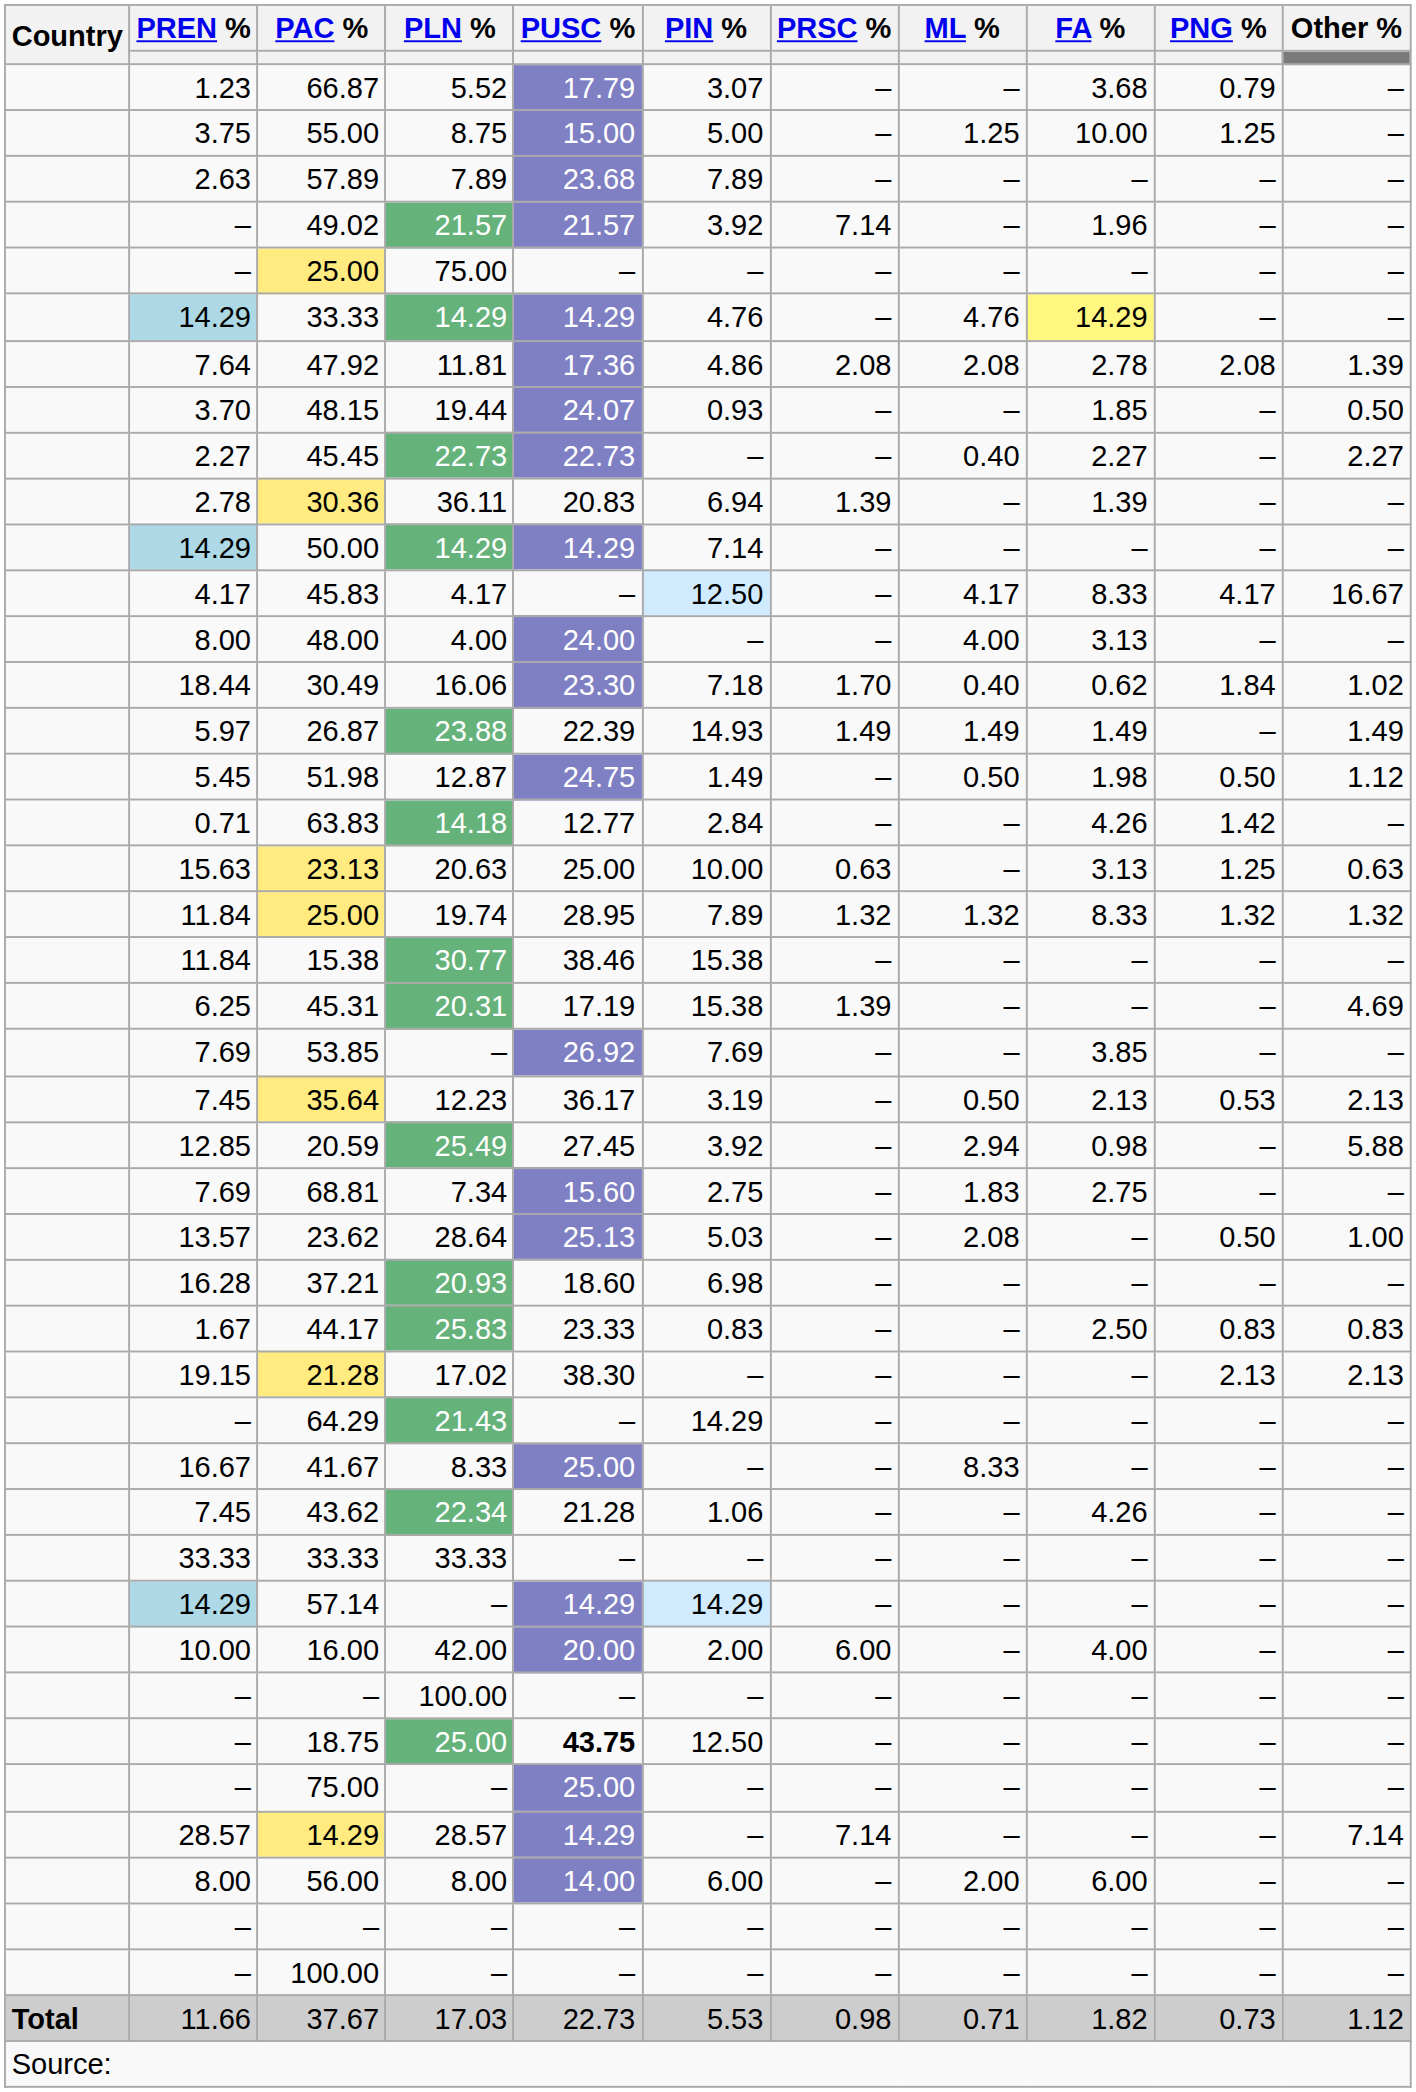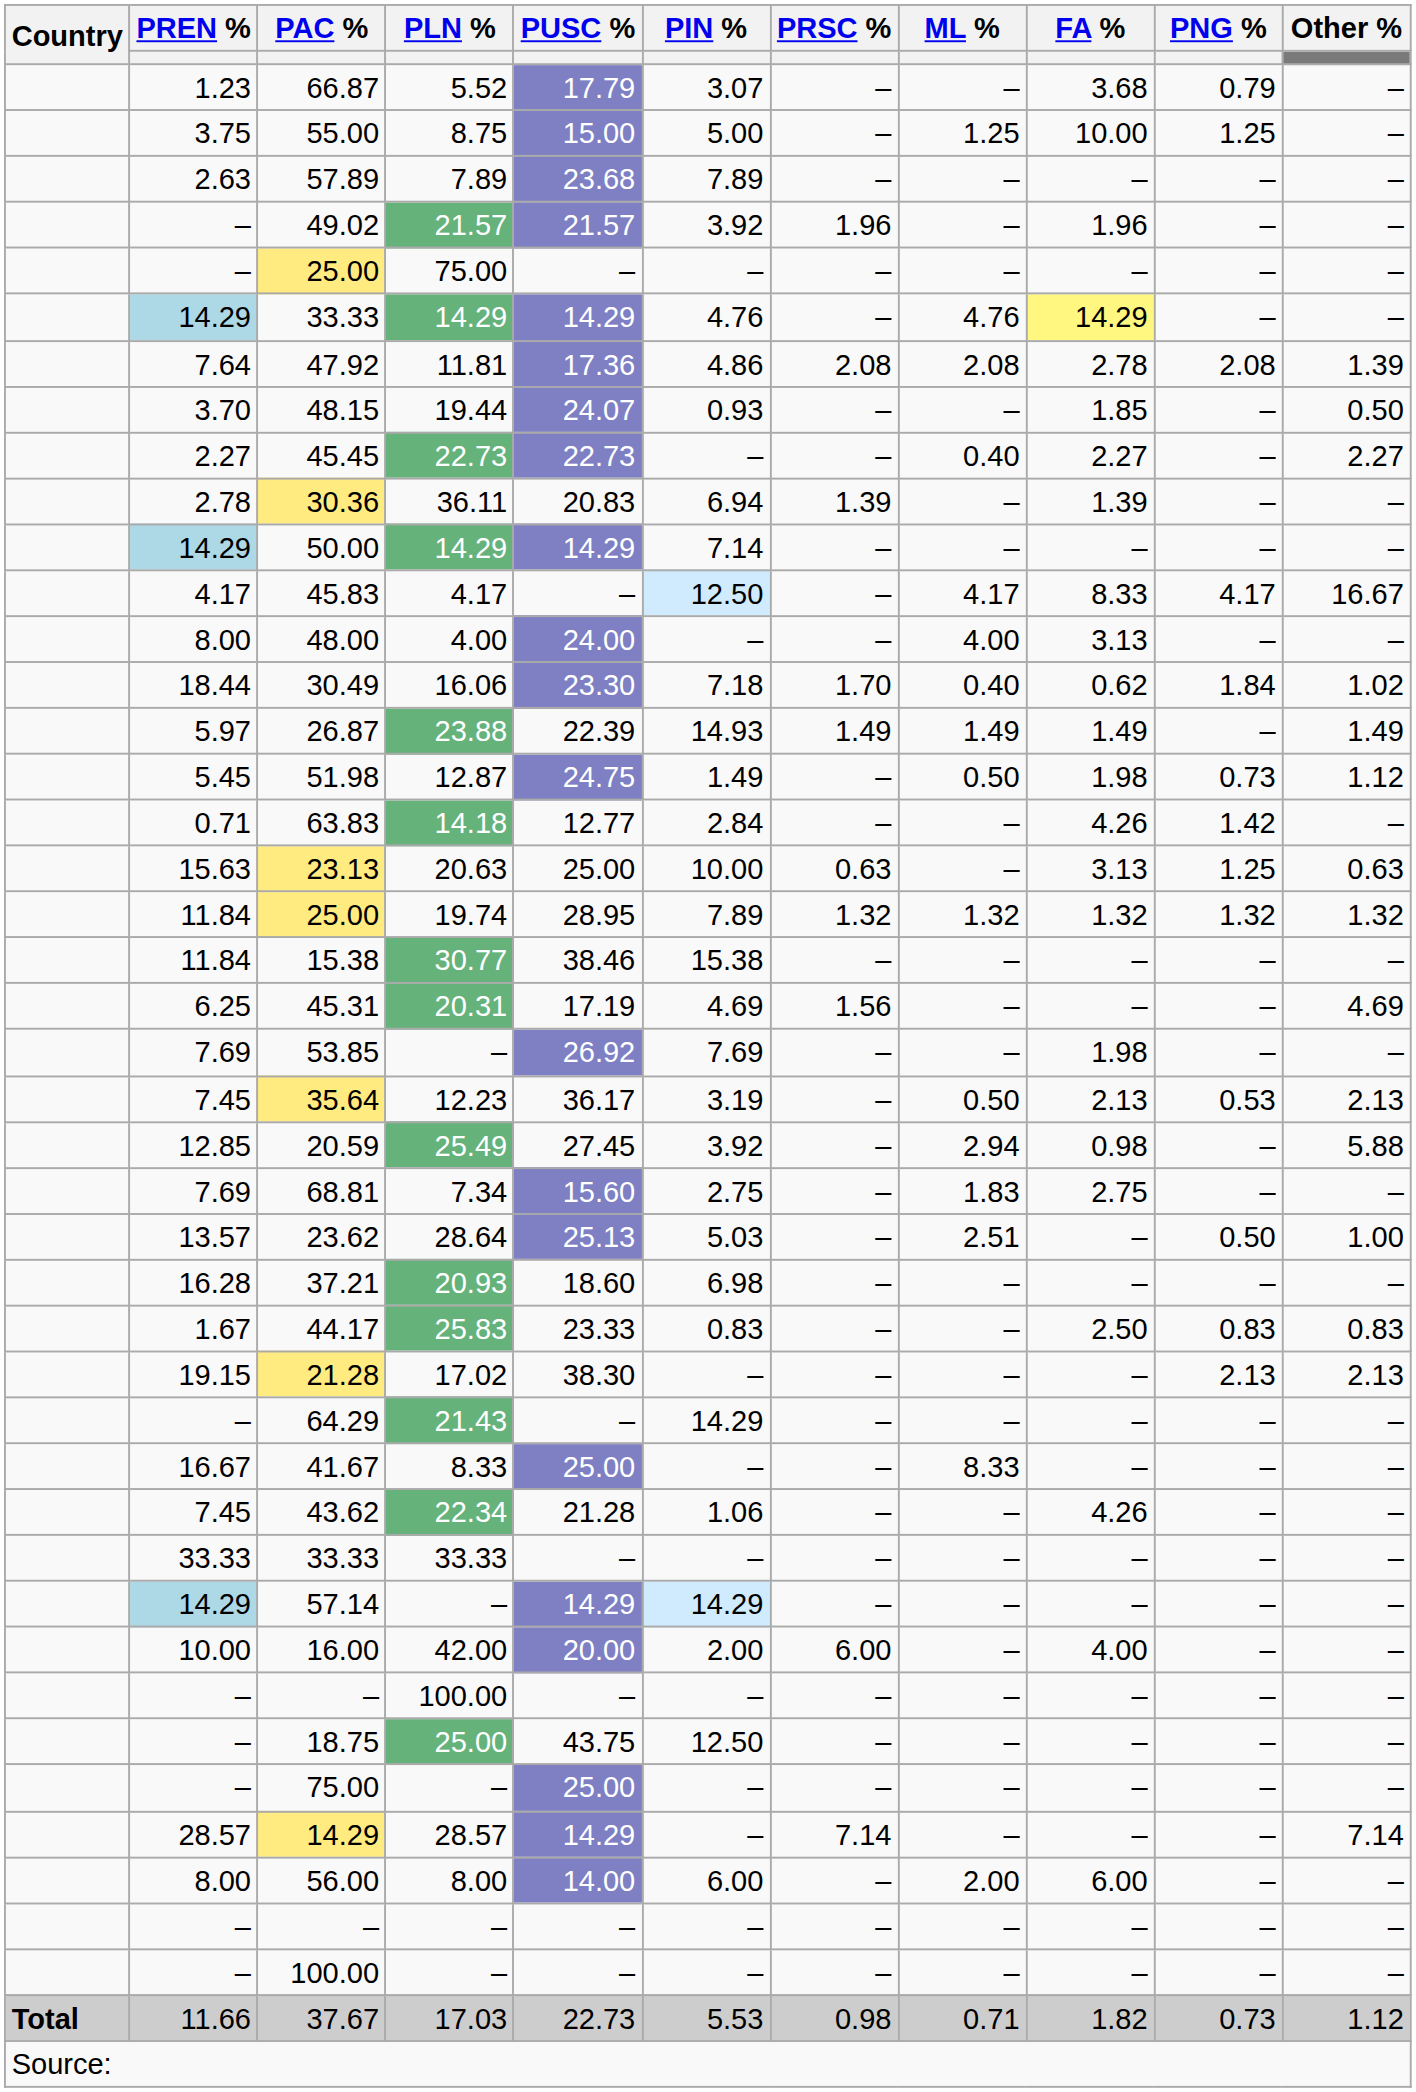 <table class="wikitable sortable" style="text-align:right; font-size:95%">
 <tr>
 <th rowspan=2>Country</th>
 <th width=60px><a href='#'>PREN</a> %</th>
 <th width=60px><a href='#'>PAC</a> %</th>
 <th width=60px><a href='#'>PLN</a> %</th>
 <th width=60px><a href='#'>PUSC</a> %</th>
 <th width=60px><a href='#'>PIN</a> %</th>
 <th width=60px><a href='#'>PRSC</a> %</th>
 <th width=60px><a href='#'>ML</a> %</th>
 <th width=60px><a href='#'>FA</a> %</th>
 <th width=60px><a href='#'>PNG</a> %</th>
 <th width=60px>Other %</th>
 </tr>
 <tr>
 <th style="background:"></th>
 <th style="background:"></th>
 <th style="background:"></th>
 <th style="background:"></th>
 <th style="background:"></th>
 <th style="background:"></th>
 <th style="background:"></th>
 <th style="background:"></th>
 <th style="background:"></th>
 <th style="background:#7a7a7a"></th>
 </tr>
 <tr>
 <td align="left"></td>
 <td>1.23</td>
 <td style="background:">66.87</td>
 <td>5.52</td>
 <td style="background:#7F7FC3; color:white;">17.79</td>
 <td>3.07</td>
 <td>–</td>
 <td>–</td>
 <td>3.68</td>
 <td>0.79</td>
 <td>–</td>
 </tr>
 <tr>
 <td align="left"></td>
 <td>3.75</td>
 <td style="background:">55.00</td>
 <td>8.75</td>
 <td style="background:#7F7FC3; color:white;">15.00</td>
 <td>5.00</td>
 <td>–</td>
 <td>1.25</td>
 <td>10.00</td>
 <td>1.25</td>
 <td>–</td>
 </tr>
 <tr>
 <td align="left"></td>
 <td>2.63</td>
 <td style="background:">57.89</td>
 <td>7.89</td>
 <td style="background:#7F7FC3; color:white;">23.68</td>
 <td>7.89</td>
 <td>–</td>
 <td>–</td>
 <td>–</td>
 <td>–</td>
 <td>–</td>
 </tr>
 <tr>
 <td align="left"></td>
 <td>–</td>
 <td style="background:">49.02</td>
 <td style="background:#66B27B; color:white;">21.57</td>
 <td style="background:#7F7FC3; color:white;">21.57</td>
 <td>3.92</td>
-<td>7.14</td>
+<td>1.96</td>
 <td>–</td>
 <td>1.96</td>
 <td>–</td>
 <td>–</td>
 </tr>
 <tr>
 <td align="left"></td>
 <td>–</td>
 <td style="background:#FFEB7F; color:black;">25.00</td>
 <td style="background:">75.00</td>
 <td>–</td>
 <td>–</td>
 <td>–</td>
 <td>–</td>
 <td>–</td>
 <td>–</td>
 <td>–</td>
 </tr>
 <tr>
 <td align="left"></td>
 <td style="background:#ADD8E6; color:black;">14.29</td>
 <td style="background:">33.33</td>
 <td style="background:#66B27B; color:white;">14.29</td>
 <td style="background:#7F7FC3; color:white;">14.29</td>
 <td>4.76</td>
 <td>–</td>
 <td>4.76</td>
 <td style="background:#FFF77F; color:black;">14.29</td>
 <td>–</td>
 <td>–</td>
 </tr>
 <tr>
 <td align="left"></td>
 <td>7.64</td>
 <td style="background:">47.92</td>
 <td>11.81</td>
 <td style="background:#7F7FC3; color:white;">17.36</td>
 <td>4.86</td>
 <td>2.08</td>
 <td>2.08</td>
 <td>2.78</td>
 <td>2.08</td>
 <td>1.39</td>
 </tr>
 <tr>
 <td align="left"></td>
 <td>3.70</td>
 <td style="background:">48.15</td>
 <td>19.44</td>
 <td style="background:#7F7FC3; color:white;">24.07</td>
 <td>0.93</td>
 <td>–</td>
 <td>–</td>
 <td>1.85</td>
 <td>–</td>
 <td>0.50</td>
 </tr>
 <tr>
 <td align="left"></td>
 <td>2.27</td>
 <td style="background:">45.45</td>
 <td style="background:#66B27B; color:white;">22.73</td>
 <td style="background:#7F7FC3; color:white;">22.73</td>
 <td>–</td>
 <td>–</td>
 <td>0.40</td>
 <td>2.27</td>
 <td>–</td>
 <td>2.27</td>
 </tr>
 <tr>
 <td align="left"></td>
 <td>2.78</td>
 <td style="background:#FFEB7F; color:black;">30.36</td>
 <td style="background:">36.11</td>
 <td>20.83</td>
 <td>6.94</td>
 <td>1.39</td>
 <td>–</td>
 <td>1.39</td>
 <td>–</td>
 <td>–</td>
 </tr>
 <tr>
 <td align="left"></td>
 <td style="background:#ADD8E6; color:black;">14.29</td>
 <td style="background:">50.00</td>
 <td style="background:#66B27B; color:white;">14.29</td>
 <td style="background:#7F7FC3; color:white;">14.29</td>
 <td>7.14</td>
 <td>–</td>
 <td>–</td>
 <td>–</td>
 <td>–</td>
 <td>–</td>
 </tr>
 <tr>
 <td align="left"></td>
 <td>4.17</td>
 <td style="background:">45.83</td>
 <td>4.17</td>
 <td>–</td>
 <td style="background:#cfebfd; color:black;">12.50</td>
 <td>–</td>
 <td>4.17</td>
 <td>8.33</td>
 <td>4.17</td>
 <td>16.67</td>
 </tr>
 <tr>
 <td align="left"></td>
 <td>8.00</td>
 <td style="background:">48.00</td>
 <td>4.00</td>
 <td style="background:#7F7FC3; color:white;">24.00</td>
 <td>–</td>
 <td>–</td>
 <td>4.00</td>
 <td>3.13</td>
 <td>–</td>
 <td>–</td>
 </tr>
 <tr>
 <td align="left"></td>
 <td>18.44</td>
 <td style="background:">30.49</td>
 <td>16.06</td>
 <td style="background:#7F7FC3; color:white;">23.30</td>
 <td>7.18</td>
 <td>1.70</td>
 <td>0.40</td>
 <td>0.62</td>
 <td>1.84</td>
 <td>1.02</td>
 </tr>
 <tr>
 <td align="left"></td>
 <td>5.97</td>
 <td style="background:">26.87</td>
 <td style="background:#66B27B; color:white;">23.88</td>
 <td>22.39</td>
 <td>14.93</td>
 <td>1.49</td>
 <td>1.49</td>
 <td>1.49</td>
 <td>–</td>
 <td>1.49</td>
 </tr>
 <tr>
 <td align="left"></td>
 <td>5.45</td>
 <td style="background:">51.98</td>
 <td>12.87</td>
 <td style="background:#7F7FC3; color:white;">24.75</td>
 <td>1.49</td>
 <td>–</td>
 <td>0.50</td>
 <td>1.98</td>
-<td>0.50</td>
+<td>0.73</td>
 <td>1.12</td>
 </tr>
 <tr>
 <td align="left"></td>
 <td>0.71</td>
 <td style="background:">63.83</td>
 <td style="background:#66B27B; color:white;">14.18</td>
 <td>12.77</td>
 <td>2.84</td>
 <td>–</td>
 <td>–</td>
 <td>4.26</td>
 <td>1.42</td>
 <td>–</td>
 </tr>
 <tr>
 <td align="left"></td>
 <td>15.63</td>
 <td style="background:#FFEB7F; color:black;">23.13</td>
 <td>20.63</td>
 <td style="background:">25.00</td>
 <td>10.00</td>
 <td>0.63</td>
 <td>–</td>
 <td>3.13</td>
 <td>1.25</td>
 <td>0.63</td>
 </tr>
 <tr>
 <td align="left"></td>
 <td>11.84</td>
 <td style="background:#FFEB7F; color:black;">25.00</td>
 <td>19.74</td>
 <td style="background:">28.95</td>
 <td>7.89</td>
 <td>1.32</td>
 <td>1.32</td>
-<td>8.33</td>
+<td>1.32</td>
 <td>1.32</td>
 <td>1.32</td>
 </tr>
 <tr>
 <td align="left"></td>
 <td>11.84</td>
 <td>15.38</td>
 <td style="background:#66B27B; color:white;">30.77</td>
 <td style="background:">38.46</td>
 <td>15.38</td>
 <td>–</td>
 <td>–</td>
 <td>–</td>
 <td>–</td>
 <td>–</td>
 </tr>
 <tr>
 <td align="left"></td>
 <td>6.25</td>
 <td style="background:">45.31</td>
 <td style="background:#66B27B; color:white;">20.31</td>
 <td>17.19</td>
-<td>15.38</td>
-<td>1.39</td>
+<td>4.69</td>
+<td>1.56</td>
 <td>–</td>
 <td>–</td>
 <td>–</td>
 <td>4.69</td>
 </tr>
 <tr>
 <td align="left"></td>
 <td>7.69</td>
 <td style="background:">53.85</td>
 <td>–</td>
 <td style="background:#7F7FC3; color:white;">26.92</td>
 <td>7.69</td>
 <td>–</td>
 <td>–</td>
-<td>3.85</td>
+<td>1.98</td>
 <td>–</td>
 <td>–</td>
 </tr>
 <tr>
 <td align="left"></td>
 <td>7.45</td>
 <td style="background:#FFEB7F; color:black;">35.64</td>
 <td>12.23</td>
 <td style="background:">36.17</td>
 <td>3.19</td>
 <td>–</td>
 <td>0.50</td>
 <td>2.13</td>
 <td>0.53</td>
 <td>2.13</td>
 </tr>
 <tr>
 <td align="left"></td>
 <td>12.85</td>
 <td>20.59</td>
 <td style="background:#66B27B; color:white;">25.49</td>
 <td style="background:">27.45</td>
 <td>3.92</td>
 <td>–</td>
 <td>2.94</td>
 <td>0.98</td>
 <td>–</td>
 <td>5.88</td>
 </tr>
 <tr>
 <td align="left"></td>
 <td>7.69</td>
 <td style="background:">68.81</td>
 <td>7.34</td>
 <td style="background:#7F7FC3; color:white;">15.60</td>
 <td>2.75</td>
 <td>–</td>
 <td>1.83</td>
 <td>2.75</td>
 <td>–</td>
 <td>–</td>
 </tr>
 <tr>
 <td align="left"></td>
 <td>13.57</td>
 <td>23.62</td>
 <td style="background:">28.64</td>
 <td style="background:#7F7FC3; color:white;">25.13</td>
 <td>5.03</td>
 <td>–</td>
-<td>2.08</td>
+<td>2.51</td>
 <td>–</td>
 <td>0.50</td>
 <td>1.00</td>
 </tr>
 <tr>
 <td align="left"></td>
 <td>16.28</td>
 <td style="background:">37.21</td>
 <td style="background:#66B27B; color:white;">20.93</td>
 <td>18.60</td>
 <td>6.98</td>
 <td>–</td>
 <td>–</td>
 <td>–</td>
 <td>–</td>
 <td>–</td>
 </tr>
 <tr>
 <td align="left"></td>
 <td>1.67</td>
 <td style="background:">44.17</td>
 <td style="background:#66B27B; color:white;">25.83</td>
 <td>23.33</td>
 <td>0.83</td>
 <td>–</td>
 <td>–</td>
 <td>2.50</td>
 <td>0.83</td>
 <td>0.83</td>
 </tr>
 <tr>
 <td align="left"></td>
 <td>19.15</td>
 <td style="background:#FFEB7F; color:black;">21.28</td>
 <td>17.02</td>
 <td style="background:">38.30</td>
 <td>–</td>
 <td>–</td>
 <td>–</td>
 <td>–</td>
 <td>2.13</td>
 <td>2.13</td>
 </tr>
 <tr>
 <td align="left"></td>
 <td>–</td>
 <td style="background:">64.29</td>
 <td style="background:#66B27B; color:white;">21.43</td>
 <td>–</td>
 <td>14.29</td>
 <td>–</td>
 <td>–</td>
 <td>–</td>
 <td>–</td>
 <td>–</td>
 </tr>
 <tr>
 <td align="left"></td>
 <td>16.67</td>
 <td style="background:">41.67</td>
 <td>8.33</td>
 <td style="background:#7F7FC3; color:white;">25.00</td>
 <td>–</td>
 <td>–</td>
 <td>8.33</td>
 <td>–</td>
 <td>–</td>
 <td>–</td>
 </tr>
 <tr>
 <td align="left"></td>
 <td>7.45</td>
 <td style="background:">43.62</td>
 <td style="background:#66B27B; color:white;">22.34</td>
 <td>21.28</td>
 <td>1.06</td>
 <td>–</td>
 <td>–</td>
 <td>4.26</td>
 <td>–</td>
 <td>–</td>
 </tr>
 <tr>
 <td align="left"></td>
 <td style="background:">33.33</td>
 <td style="background:">33.33</td>
 <td style="background:">33.33</td>
 <td>–</td>
 <td>–</td>
 <td>–</td>
 <td>–</td>
 <td>–</td>
 <td>–</td>
 <td>–</td>
 </tr>
 <tr>
 <td align="left"></td>
 <td style="background:#ADD8E6; color:black;">14.29</td>
 <td style="background:">57.14</td>
 <td>–</td>
 <td style="background:#7F7FC3; color:white;">14.29</td>
 <td style="background:#cfebfd; color:black;">14.29</td>
 <td>–</td>
 <td>–</td>
 <td>–</td>
 <td>–</td>
 <td>–</td>
 </tr>
 <tr>
 <td align="left"></td>
 <td>10.00</td>
 <td>16.00</td>
 <td style="background:">42.00</td>
 <td style="background:#7F7FC3; color:white;">20.00</td>
 <td>2.00</td>
 <td>6.00</td>
 <td>–</td>
 <td>4.00</td>
 <td>–</td>
 <td>–</td>
 </tr>
 <tr>
 <td align="left"></td>
 <td>–</td>
 <td>–</td>
 <td style="background:">100.00</td>
 <td>–</td>
 <td>–</td>
 <td>–</td>
 <td>–</td>
 <td>–</td>
 <td>–</td>
 <td>–</td>
 </tr>
 <tr>
 <td align="left"></td>
 <td>–</td>
 <td>18.75</td>
 <td style="background:#66B27B; color:white;">25.00</td>
-<td style="background:"><strong>43.75</strong></td>
+<td style="background:">43.75</td>
 <td>12.50</td>
 <td>–</td>
 <td>–</td>
 <td>–</td>
 <td>–</td>
 <td>–</td>
 </tr>
 <tr>
 <td align="left"></td>
 <td>–</td>
 <td style="background:">75.00</td>
 <td>–</td>
 <td style="background:#7F7FC3; color:white;">25.00</td>
 <td>–</td>
 <td>–</td>
 <td>–</td>
 <td>–</td>
 <td>–</td>
 <td>–</td>
 </tr>
 <tr>
 <td align="left"></td>
 <td style="background:">28.57</td>
 <td style="background:#FFEB7F; color:black;">14.29</td>
 <td style="background:">28.57</td>
 <td style="background:#7F7FC3; color:white;">14.29</td>
 <td>–</td>
 <td>7.14</td>
 <td>–</td>
 <td>–</td>
 <td>–</td>
 <td>7.14</td>
 </tr>
 <tr>
 <td align="left"></td>
 <td>8.00</td>
 <td style="background:">56.00</td>
 <td>8.00</td>
 <td style="background:#7F7FC3; color:white;">14.00</td>
 <td>6.00</td>
 <td>–</td>
 <td>2.00</td>
 <td>6.00</td>
 <td>–</td>
 <td>–</td>
 </tr>
 <tr>
 <td align="left"></td>
 <td>–</td>
 <td>–</td>
 <td>–</td>
 <td>–</td>
 <td>–</td>
 <td>–</td>
 <td>–</td>
 <td>–</td>
 <td>–</td>
 <td>–</td>
 </tr>
 <tr>
 <td align="left"></td>
 <td>–</td>
 <td style="background:">100.00</td>
 <td>–</td>
 <td>–</td>
 <td>–</td>
 <td>–</td>
 <td>–</td>
 <td>–</td>
 <td>–</td>
 <td>–</td>
 </tr>
 <tr style="background:#CDCDCD;">
 <td align="left"><strong>Total</strong></td>
 <td>11.66</td>
 <td style="background:">37.67</td>
 <td>17.03</td>
 <td>22.73</td>
 <td>5.53</td>
 <td>0.98</td>
 <td>0.71</td>
 <td>1.82</td>
 <td>0.73</td>
 <td>1.12</td>
 </tr>
 <tr>
 <td align=left colspan=11>Source:  </td>
 </tr>
 </table>
